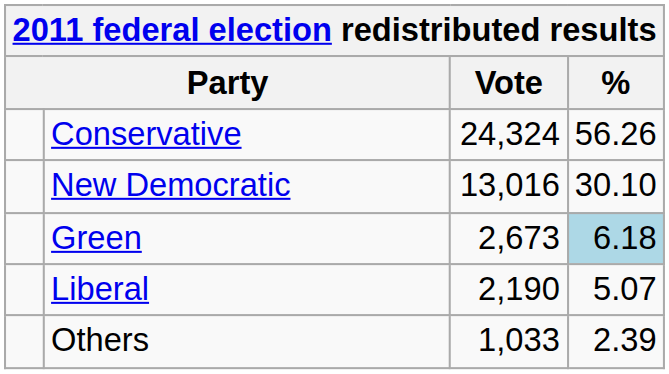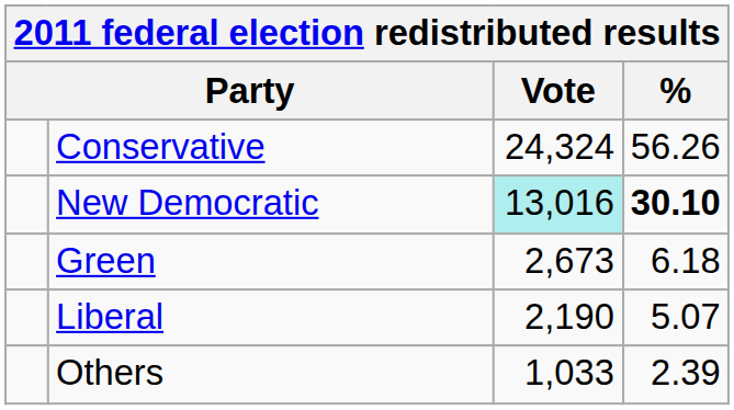 <table class="wikitable">
 <tr>
 <th colspan="4"><a href='#'>2011 federal election</a> redistributed results</th>
 </tr>
 <tr>
 <th bgcolor="#DDDDFF" width="130px" colspan="2">Party</th>
 <th bgcolor="#DDDDFF" width="50px">Vote</th>
 <th bgcolor="#DDDDFF" width="30px">%</th>
 </tr>
 <tr>
 <td> </td>
 <td><a href='#'>Conservative</a></td>
 <td align="right">24,324</td>
 <td align="right">56.26</td>
 </tr>
 <tr>
 <td> </td>
 <td><a href='#'>New Democratic</a></td>
-<td align="right">13,016</td>
-<td align="right">30.10</td>
+<td align="right" style="background: paleturquoise;">13,016</td>
+<td align="right"><strong>30.10</strong></td>
 </tr>
 <tr>
 <td> </td>
 <td><a href='#'>Green</a></td>
 <td align="right">2,673</td>
-<td align="right" style="background: lightblue;">6.18</td>
+<td align="right">6.18</td>
 </tr>
 <tr>
 <td> </td>
 <td><a href='#'>Liberal</a></td>
 <td align="right">2,190</td>
 <td align="right">5.07</td>
 </tr>
 <tr>
 <td> </td>
 <td>Others</td>
 <td align="right">1,033</td>
 <td align="right">2.39</td>
 </tr>
 </table>
